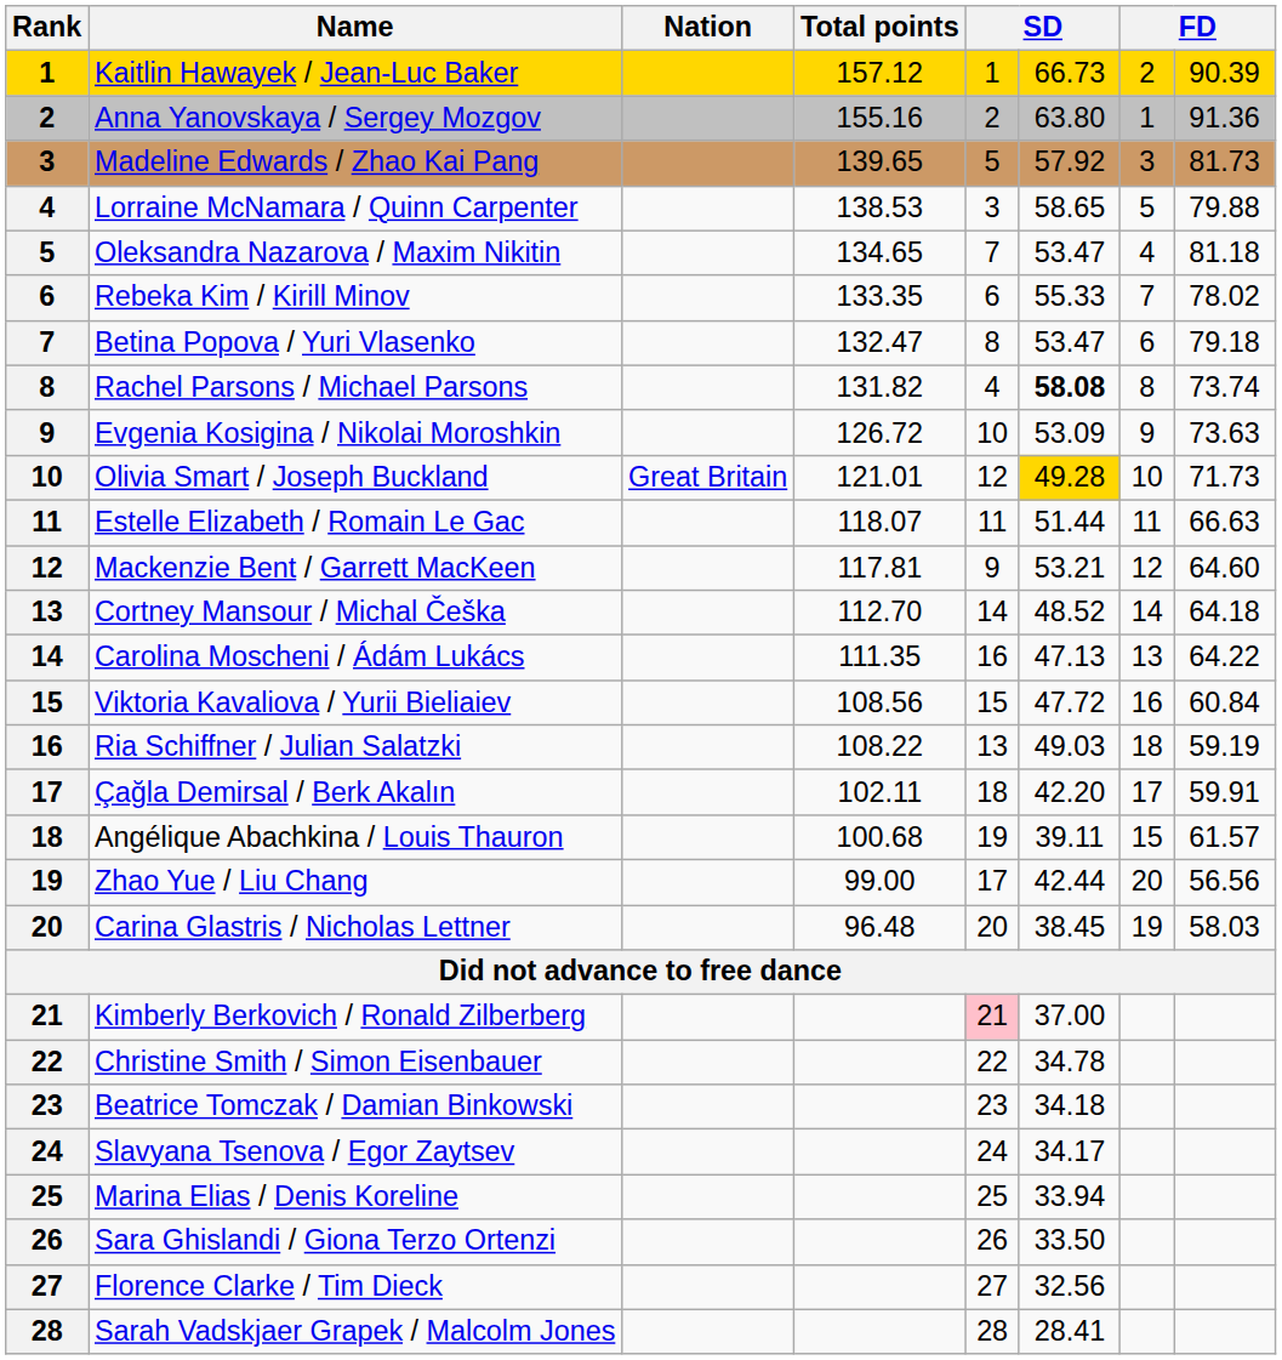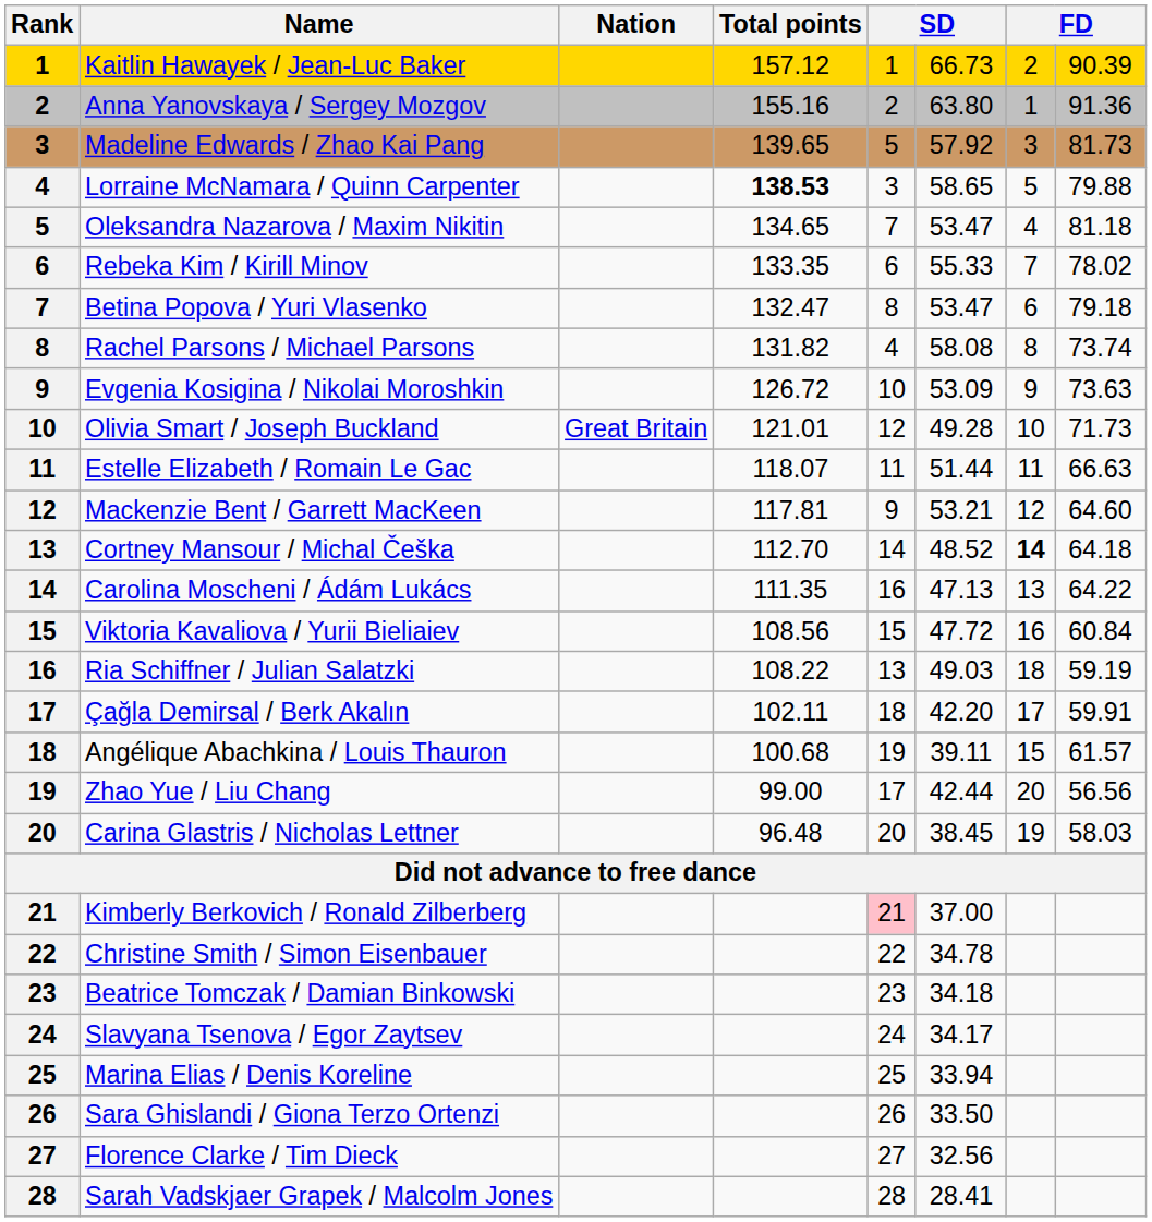 <table class="wikitable sortable">
 <tr>
 <th>Rank</th>
 <th>Name</th>
 <th>Nation</th>
 <th>Total points</th>
 <th colspan="2" width="80px"><a href='#'>SD</a></th>
 <th colspan="2" width="80px"><a href='#'>FD</a></th>
 </tr>
 <tr bgcolor=gold>
 <td align=center><strong>1</strong></td>
 <td><a href='#'>Kaitlin Hawayek</a> / <a href='#'>Jean-Luc Baker</a></td>
 <td></td>
 <td align=center>157.12</td>
 <td align=center>1</td>
 <td align=center>66.73</td>
 <td align=center>2</td>
 <td align=center>90.39</td>
 </tr>
 <tr bgcolor=silver>
 <td align=center><strong>2</strong></td>
 <td><a href='#'>Anna Yanovskaya</a> / <a href='#'>Sergey Mozgov</a></td>
 <td></td>
 <td align=center>155.16</td>
 <td align=center>2</td>
 <td align=center>63.80</td>
 <td align=center>1</td>
 <td align=center>91.36</td>
 </tr>
 <tr bgcolor=cc9966>
 <td align=center><strong>3</strong></td>
 <td><a href='#'>Madeline Edwards</a> / <a href='#'>Zhao Kai Pang</a></td>
 <td></td>
 <td align=center>139.65</td>
 <td align=center>5</td>
 <td align=center>57.92</td>
 <td align=center>3</td>
 <td align=center>81.73</td>
 </tr>
 <tr>
 <th>4</th>
 <td><a href='#'>Lorraine McNamara</a> / <a href='#'>Quinn Carpenter</a></td>
 <td></td>
-<td align=center>138.53</td>
+<td align=center><strong>138.53</strong></td>
 <td align=center>3</td>
 <td align=center>58.65</td>
 <td align=center>5</td>
 <td align=center>79.88</td>
 </tr>
 <tr>
 <th>5</th>
 <td><a href='#'>Oleksandra Nazarova</a> / <a href='#'>Maxim Nikitin</a></td>
 <td></td>
 <td align=center>134.65</td>
 <td align=center>7</td>
 <td align=center>53.47</td>
 <td align=center>4</td>
 <td align=center>81.18</td>
 </tr>
 <tr>
 <th>6</th>
 <td><a href='#'>Rebeka Kim</a> / <a href='#'>Kirill Minov</a></td>
 <td></td>
 <td align=center>133.35</td>
 <td align=center>6</td>
 <td align=center>55.33</td>
 <td align=center>7</td>
 <td align=center>78.02</td>
 </tr>
 <tr>
 <th>7</th>
 <td><a href='#'>Betina Popova</a> / <a href='#'>Yuri Vlasenko</a></td>
 <td></td>
 <td align=center>132.47</td>
 <td align=center>8</td>
 <td align=center>53.47</td>
 <td align=center>6</td>
 <td align=center>79.18</td>
 </tr>
 <tr>
 <th>8</th>
 <td><a href='#'>Rachel Parsons</a> / <a href='#'>Michael Parsons</a></td>
 <td></td>
 <td align=center>131.82</td>
 <td align=center>4</td>
-<td align=center><strong>58.08</strong></td>
+<td align=center>58.08</td>
 <td align=center>8</td>
 <td align=center>73.74</td>
 </tr>
 <tr>
 <th>9</th>
 <td><a href='#'>Evgenia Kosigina</a> / <a href='#'>Nikolai Moroshkin</a></td>
 <td></td>
 <td align=center>126.72</td>
 <td align=center>10</td>
 <td align=center>53.09</td>
 <td align=center>9</td>
 <td align=center>73.63</td>
 </tr>
 <tr>
 <th>10</th>
 <td><a href='#'>Olivia Smart</a> / <a href='#'>Joseph Buckland</a></td>
 <td> <a href='#'>Great Britain</a></td>
 <td align=center>121.01</td>
 <td align=center>12</td>
-<td align=center style="background: gold;">49.28</td>
+<td align=center>49.28</td>
 <td align=center>10</td>
 <td align=center>71.73</td>
 </tr>
 <tr>
 <th>11</th>
 <td><a href='#'>Estelle Elizabeth</a> / <a href='#'>Romain Le Gac</a></td>
 <td></td>
 <td align=center>118.07</td>
 <td align=center>11</td>
 <td align=center>51.44</td>
 <td align=center>11</td>
 <td align=center>66.63</td>
 </tr>
 <tr>
 <th>12</th>
 <td><a href='#'>Mackenzie Bent</a> / <a href='#'>Garrett MacKeen</a></td>
 <td></td>
 <td align=center>117.81</td>
 <td align=center>9</td>
 <td align=center>53.21</td>
 <td align=center>12</td>
 <td align=center>64.60</td>
 </tr>
 <tr>
 <th>13</th>
 <td><a href='#'>Cortney Mansour</a> / <a href='#'>Michal Češka</a></td>
 <td></td>
 <td align=center>112.70</td>
 <td align=center>14</td>
 <td align=center>48.52</td>
-<td align=center>14</td>
+<td align=center><strong>14</strong></td>
 <td align=center>64.18</td>
 </tr>
 <tr>
 <th>14</th>
 <td><a href='#'>Carolina Moscheni</a> / <a href='#'>Ádám Lukács</a></td>
 <td></td>
 <td align=center>111.35</td>
 <td align=center>16</td>
 <td align=center>47.13</td>
 <td align=center>13</td>
 <td align=center>64.22</td>
 </tr>
 <tr>
 <th>15</th>
 <td><a href='#'>Viktoria Kavaliova</a> / <a href='#'>Yurii Bieliaiev</a></td>
 <td></td>
 <td align=center>108.56</td>
 <td align=center>15</td>
 <td align=center>47.72</td>
 <td align=center>16</td>
 <td align=center>60.84</td>
 </tr>
 <tr>
 <th>16</th>
 <td><a href='#'>Ria Schiffner</a> / <a href='#'>Julian Salatzki</a></td>
 <td></td>
 <td align=center>108.22</td>
 <td align=center>13</td>
 <td align=center>49.03</td>
 <td align=center>18</td>
 <td align=center>59.19</td>
 </tr>
 <tr>
 <th>17</th>
 <td><a href='#'>Çağla Demirsal</a> / <a href='#'>Berk Akalın</a></td>
 <td></td>
 <td align=center>102.11</td>
 <td align=center>18</td>
 <td align=center>42.20</td>
 <td align=center>17</td>
 <td align=center>59.91</td>
 </tr>
 <tr>
 <th>18</th>
 <td>Angélique Abachkina / <a href='#'>Louis Thauron</a></td>
 <td></td>
 <td align=center>100.68</td>
 <td align=center>19</td>
 <td align=center>39.11</td>
 <td align=center>15</td>
 <td align=center>61.57</td>
 </tr>
 <tr>
 <th>19</th>
 <td><a href='#'>Zhao Yue</a> / <a href='#'>Liu Chang</a></td>
 <td></td>
 <td align=center>99.00</td>
 <td align=center>17</td>
 <td align=center>42.44</td>
 <td align=center>20</td>
 <td align=center>56.56</td>
 </tr>
 <tr>
 <th>20</th>
 <td><a href='#'>Carina Glastris</a> / <a href='#'>Nicholas Lettner</a></td>
 <td></td>
 <td align=center>96.48</td>
 <td align=center>20</td>
 <td align=center>38.45</td>
 <td align=center>19</td>
 <td align=center>58.03</td>
 </tr>
 <tr>
 <th colspan=10>Did not advance to free dance</th>
 </tr>
 <tr>
 <th>21</th>
 <td><a href='#'>Kimberly Berkovich</a> / <a href='#'>Ronald Zilberberg</a></td>
 <td></td>
 <td align=center></td>
 <td align=center style="background: pink;">21</td>
 <td align=center>37.00</td>
 <td align=center></td>
 <td align=center></td>
 </tr>
 <tr>
 <th>22</th>
 <td><a href='#'>Christine Smith</a> / <a href='#'>Simon Eisenbauer</a></td>
 <td></td>
 <td align=center></td>
 <td align=center>22</td>
 <td align=center>34.78</td>
 <td align=center></td>
 <td align=center></td>
 </tr>
 <tr>
 <th>23</th>
 <td><a href='#'>Beatrice Tomczak</a> / <a href='#'>Damian Binkowski</a></td>
 <td></td>
 <td align=center></td>
 <td align=center>23</td>
 <td align=center>34.18</td>
 <td align=center></td>
 <td align=center></td>
 </tr>
 <tr>
 <th>24</th>
 <td><a href='#'>Slavyana Tsenova</a> / <a href='#'>Egor Zaytsev</a></td>
 <td></td>
 <td align=center></td>
 <td align=center>24</td>
 <td align=center>34.17</td>
 <td align=center></td>
 <td align=center></td>
 </tr>
 <tr>
 <th>25</th>
 <td><a href='#'>Marina Elias</a> / <a href='#'>Denis Koreline</a></td>
 <td></td>
 <td align=center></td>
 <td align=center>25</td>
 <td align=center>33.94</td>
 <td align=center></td>
 <td align=center></td>
 </tr>
 <tr>
 <th>26</th>
 <td><a href='#'>Sara Ghislandi</a> / <a href='#'>Giona Terzo Ortenzi</a></td>
 <td></td>
 <td align=center></td>
 <td align=center>26</td>
 <td align=center>33.50</td>
 <td align=center></td>
 <td align=center></td>
 </tr>
 <tr>
 <th>27</th>
 <td><a href='#'>Florence Clarke</a> / <a href='#'>Tim Dieck</a></td>
 <td></td>
 <td align=center></td>
 <td align=center>27</td>
 <td align=center>32.56</td>
 <td align=center></td>
 <td align=center></td>
 </tr>
 <tr>
 <th>28</th>
 <td><a href='#'>Sarah Vadskjaer Grapek</a> / <a href='#'>Malcolm Jones</a></td>
 <td></td>
 <td align=center></td>
 <td align=center>28</td>
 <td align=center>28.41</td>
 <td align=center></td>
 <td align=center></td>
 </tr>
 </table>
